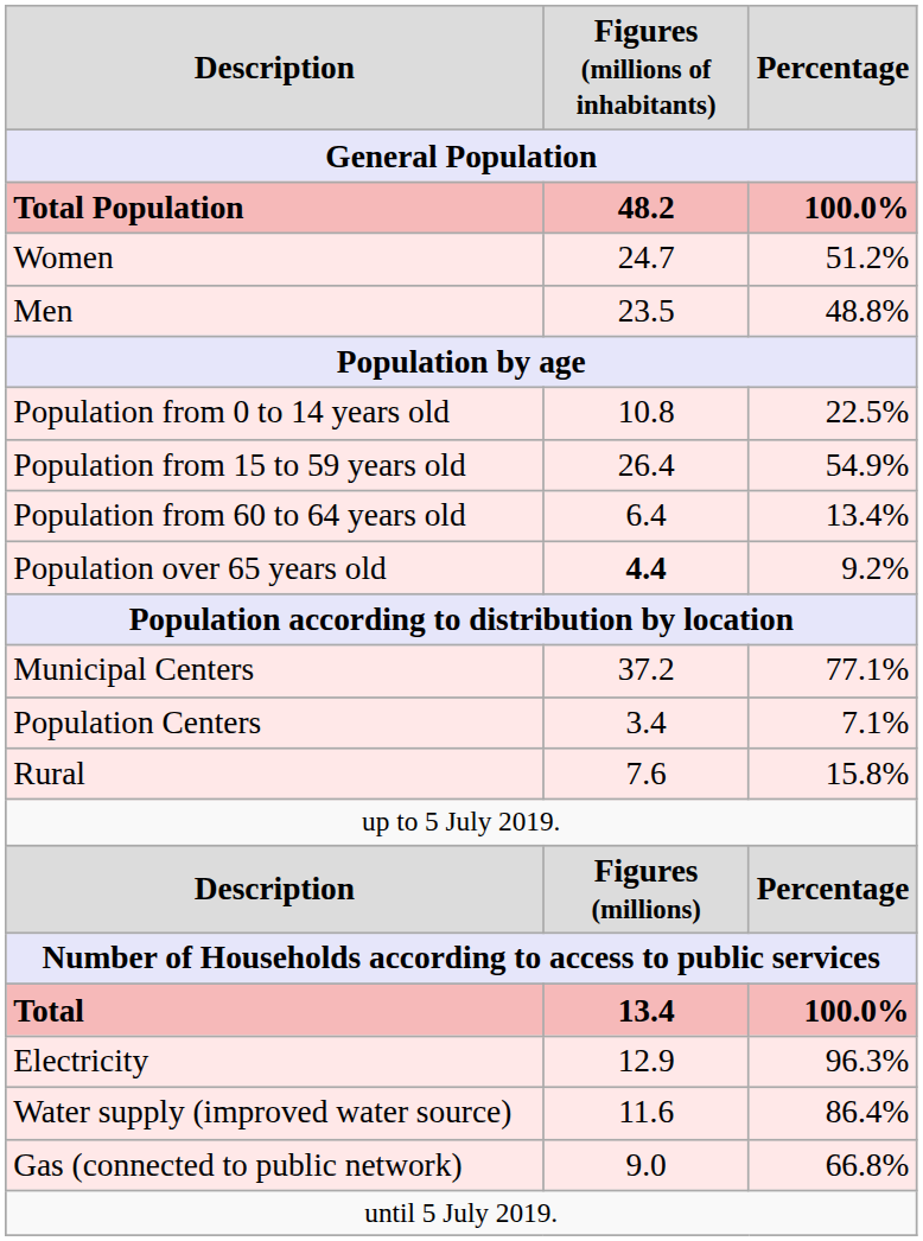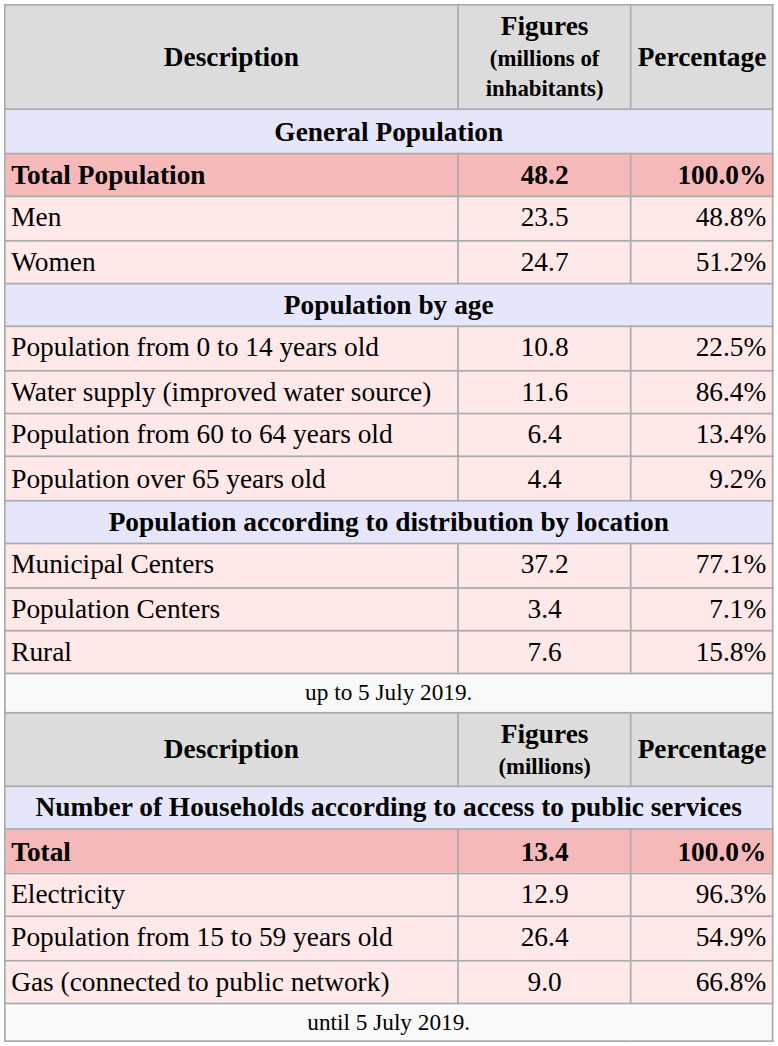 <table class=wikitable border="0" width="450px">
 <tr>
 <th style="background:Gainsboro" width="300px">Description</th>
 <th style="background:Gainsboro" width="100px">Figures<br><small>(millions of inhabitants)</small></th>
 <th style="background:Gainsboro" width="50px">Percentage</th>
 </tr>
 <tr>
 <th colspan="3" style="align: center; background:Lavender">General Population</th>
 </tr>
 <tr bgcolor="#f6b9b9">
 <td><strong>Total Population</strong></td>
 <td align=center><strong>48.2</strong></td>
 <td align=right><strong>100.0%</strong></td>
 </tr>
 <tr bgcolor="#FFE8E8">
+<td>Men</td>
+<td align=center>23.5</td>
+<td align="right">48.8%</td>
+</tr>
+<tr bgcolor="#FFE8E8">
 <td>Women</td>
 <td align=center>24.7</td>
 <td align="right">51.2%</td>
-</tr>
-<tr bgcolor="#FFE8E8">
-<td>Men</td>
-<td align=center>23.5</td>
-<td align="right">48.8%</td>
 </tr>
 <tr>
 <th colspan="3" style="align: center; background:Lavender">Population by age</th>
 </tr>
 <tr bgcolor="#FFE8E8">
 <td>Population from 0 to 14 years old</td>
 <td align=center>10.8</td>
 <td align="right">22.5%</td>
 </tr>
 <tr bgcolor="#FFE8E8">
-<td>Population from 15 to 59 years old</td>
-<td align="center">26.4</td>
-<td align="right">54.9%</td>
+<td>Water supply (improved water source)</td>
+<td align="center">11.6</td>
+<td align="right">86.4%</td>
 </tr>
 <tr bgcolor="#FFE8E8">
 <td>Population from 60 to 64 years old</td>
 <td align="center">6.4</td>
 <td align="right">13.4%</td>
 </tr>
 <tr bgcolor="#FFE8E8">
 <td>Population over 65 years old</td>
-<td align=center><strong>4.4</strong></td>
+<td align=center>4.4</td>
 <td align="right">9.2%</td>
 </tr>
 <tr>
 <th colspan="3" style="align: center; background:Lavender">Population according to distribution by location</th>
 </tr>
 <tr bgcolor="#FFE8E8">
 <td>Municipal Centers</td>
 <td align="center">37.2</td>
 <td align="right">77.1%</td>
 </tr>
 <tr bgcolor="#FFE8E8">
 <td>Population Centers</td>
 <td align="center">3.4</td>
 <td align="right">7.1%</td>
 </tr>
 <tr bgcolor="#FFE8E8">
 <td>Rural</td>
 <td align="center">7.6</td>
 <td align="right">15.8%</td>
 </tr>
 <tr class="sortbottom">
 <td colspan="3" style="text-align:center; font-size:85%;"> up to 5 July 2019.</td>
 </tr>
 <tr>
 <th style="background:Gainsboro" width="300px">Description</th>
 <th style="background:Gainsboro" width="100px">Figures<br><small>(millions)</small></th>
 <th style="background:Gainsboro" width="50px">Percentage</th>
 </tr>
 <tr>
 <th colspan="3" style="align: center; background:Lavender">Number of Households according to access to public services</th>
 </tr>
 <tr bgcolor="#f6b9b9">
 <td><strong>Total</strong></td>
 <td align=center><strong>13.4</strong></td>
 <td align="right"><strong>100.0%</strong></td>
 </tr>
 <tr bgcolor="#FFE8E8">
 <td>Electricity</td>
 <td align="center">12.9</td>
 <td align="right">96.3%</td>
 </tr>
 <tr bgcolor="#FFE8E8">
-<td>Water supply (improved water source)</td>
-<td align="center">11.6</td>
-<td align="right">86.4%</td>
+<td>Population from 15 to 59 years old</td>
+<td align="center">26.4</td>
+<td align="right">54.9%</td>
 </tr>
 <tr bgcolor="#FFE8E8">
 <td>Gas (connected to public network)</td>
 <td align="center">9.0</td>
 <td align="right">66.8%</td>
 </tr>
 <tr class="sortbottom">
 <td colspan="3" style="text-align:center; font-size:85%;"> until 5 July 2019.</td>
 </tr>
 </table>
